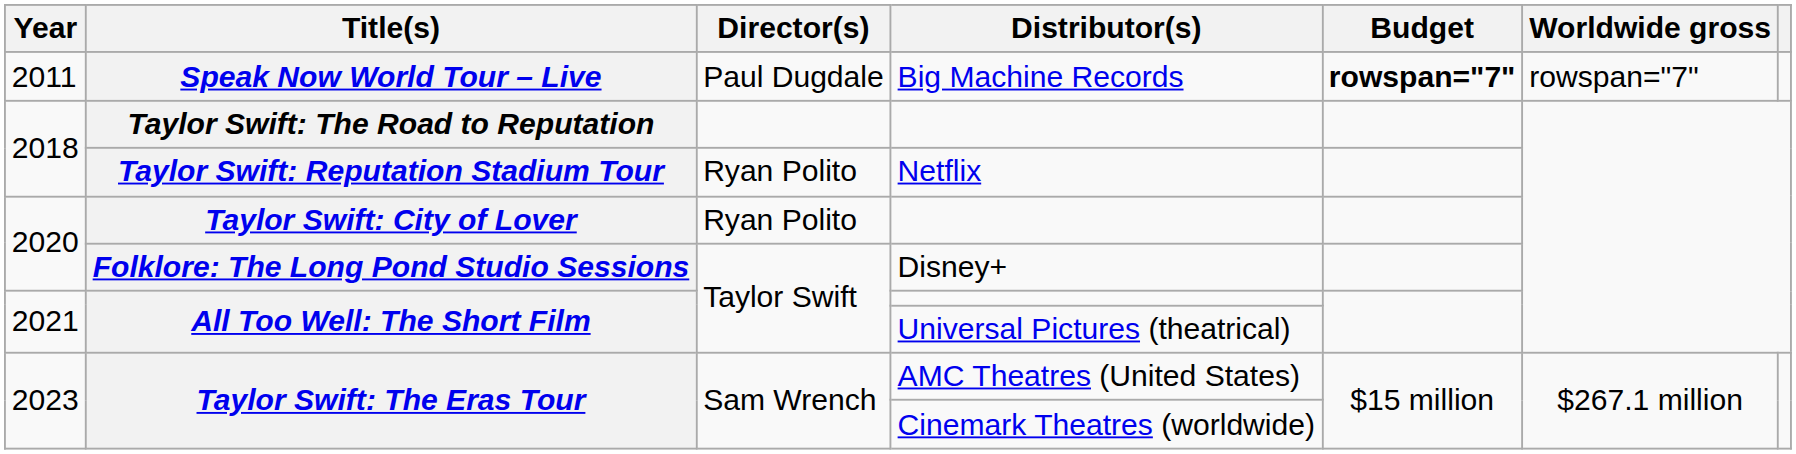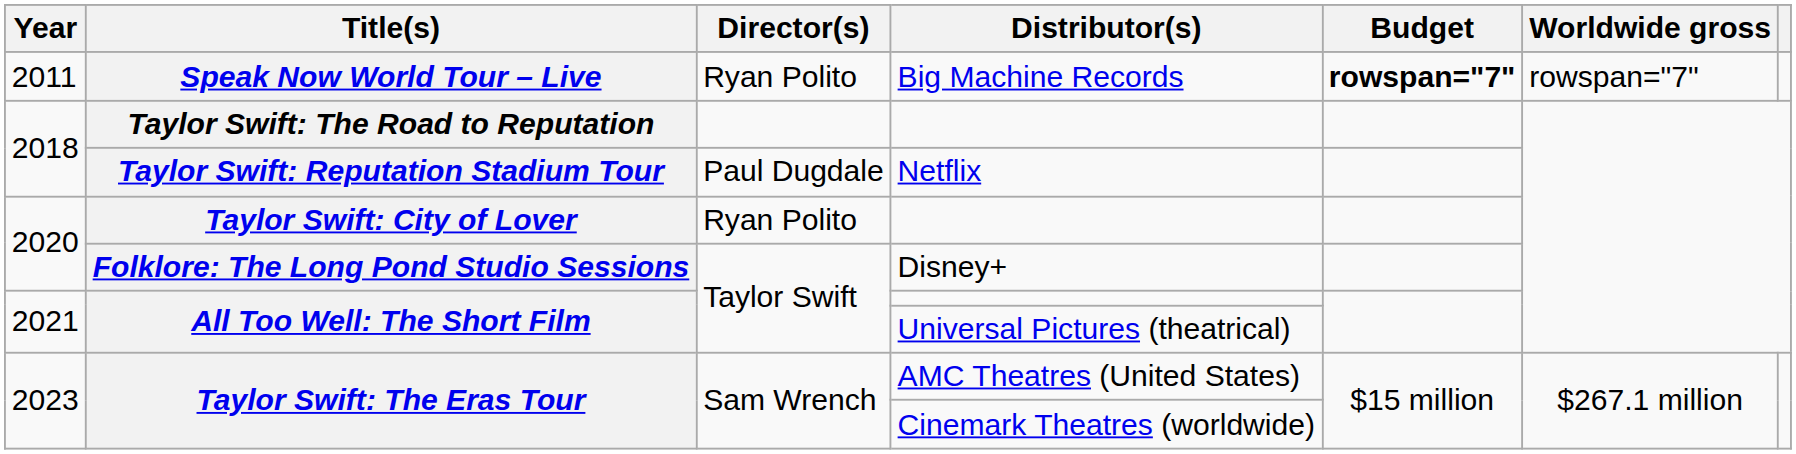 <table class="wikitable sortable plainrowheaders">
 <tr>
 <th scope="col">Year</th>
 <th scope="col">Title(s)</th>
 <th scope="col">Director(s)</th>
 <th scope="col">Distributor(s)</th>
 <th scope="col">Budget</th>
 <th scope="col">Worldwide gross</th>
 <th scope="col" class="unsortable"></th>
 </tr>
 <tr>
 <td>2011</td>
 <th scope="row"><em><a href='#'>Speak Now World Tour – Live</a></em></th>
-<td>Paul Dugdale</td>
+<td>Ryan Polito</td>
 <td><a href='#'>Big Machine Records</a></td>
 <td><strong>rowspan="7" </strong></td>
 <td>rowspan="7" </td>
 <td style="text-align:center;"></td>
 </tr>
 <tr>
 <td rowspan="2">2018</td>
 <th scope="row"><em>Taylor Swift: The Road to Reputation</em></th>
 <td></td>
 <td></td>
 <td style="text-align:center;"></td>
 </tr>
 <tr>
 <th scope="row"><em><a href='#'>Taylor Swift: Reputation Stadium Tour</a></em></th>
-<td>Ryan Polito</td>
+<td>Paul Dugdale</td>
 <td><a href='#'>Netflix</a></td>
 <td style="text-align:center;"></td>
 </tr>
 <tr>
 <td rowspan="2">2020</td>
 <th scope="row"><em><a href='#'>Taylor Swift: City of Lover</a></em></th>
 <td>Ryan Polito</td>
 <td></td>
 <td style="text-align:center;"></td>
 </tr>
 <tr>
 <th scope="row"><em><a href='#'>Folklore: The Long Pond Studio Sessions</a></em></th>
 <td rowspan="3">Taylor Swift</td>
 <td>Disney+</td>
 <td style="text-align:center;"></td>
 </tr>
 <tr>
 <td rowspan="2">2021</td>
 <th scope="row" rowspan="2"><em><a href='#'>All Too Well: The Short Film</a></em></th>
 <td></td>
 <td rowspan="2" style="text-align:center;"></td>
 </tr>
 <tr>
 <td><a href='#'>Universal Pictures</a> (theatrical)</td>
 </tr>
 <tr>
 <td rowspan="2">2023</td>
 <th scope="row" rowspan="2"><em><a href='#'>Taylor Swift: The Eras Tour</a></em></th>
 <td rowspan="2">Sam Wrench</td>
 <td><a href='#'>AMC Theatres</a> (United States)</td>
 <td rowspan="2" style="text-align:center;">$15 million</td>
 <td rowspan="2" style="text-align:center;">$267.1 million</td>
 <td rowspan="2" style="text-align:center;"></td>
 </tr>
 <tr>
 <td><a href='#'>Cinemark Theatres</a> (worldwide)</td>
 </tr>
 </table>
